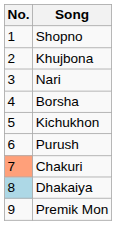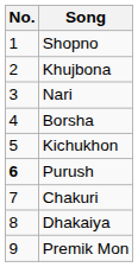 <table class="wikitable">
 <tr>
 <th>No.</th>
 <th>Song</th>
 </tr>
 <tr>
 <td>1</td>
 <td>Shopno</td>
 </tr>
 <tr>
 <td>2</td>
 <td>Khujbona</td>
 </tr>
 <tr>
 <td>3</td>
 <td>Nari</td>
 </tr>
 <tr>
 <td>4</td>
 <td>Borsha</td>
 </tr>
 <tr>
 <td>5</td>
 <td>Kichukhon</td>
 </tr>
 <tr>
-<td>6</td>
+<td><strong>6</strong></td>
 <td>Purush</td>
 </tr>
 <tr>
-<td style="background: lightsalmon;">7</td>
+<td>7</td>
 <td>Chakuri</td>
 </tr>
 <tr>
-<td style="background: lightblue;">8</td>
+<td>8</td>
 <td>Dhakaiya</td>
 </tr>
 <tr>
 <td>9</td>
 <td>Premik Mon</td>
 </tr>
 </table>
